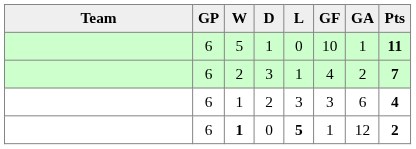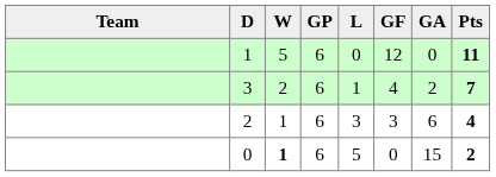 <table style=border-collapse:collapse border=1 cellspacing=0 cellpadding=5>
 <tr align=center bgcolor=#efefef>
 <th width=185>Team</th>
+<th width=20>D</th>
+<th width=20>W</th>
 <th width=20>GP</th>
-<th width=20>W</th>
-<th width=20>D</th>
 <th width=20>L</th>
 <th width=20>GF</th>
 <th width=20>GA</th>
 <th width=20>Pts</th>
 </tr>
 <tr bgcolor=#ccffcc align=center>
 <td style="text-align:left;"></td>
+<td>1</td>
+<td>5</td>
 <td>6</td>
-<td>5</td>
-<td>1</td>
 <td>0</td>
-<td>10</td>
-<td>1</td>
+<td>12</td>
+<td>0</td>
 <td><strong>11</strong></td>
 </tr>
 <tr bgcolor=#ccffcc align=center>
 <td style="text-align:left;"></td>
+<td>3</td>
+<td>2</td>
 <td>6</td>
-<td>2</td>
-<td>3</td>
 <td>1</td>
 <td>4</td>
 <td>2</td>
 <td><strong>7</strong></td>
 </tr>
 <tr align=center>
 <td style="text-align:left;"></td>
+<td>2</td>
+<td>1</td>
 <td>6</td>
-<td>1</td>
-<td>2</td>
 <td>3</td>
 <td>3</td>
 <td>6</td>
 <td><strong>4</strong></td>
 </tr>
 <tr align=center>
 <td style="text-align:left;"></td>
+<td>0</td>
+<td><strong>1</strong></td>
 <td>6</td>
-<td><strong>1</strong></td>
+<td>5</td>
 <td>0</td>
-<td><strong>5</strong></td>
-<td>1</td>
-<td>12</td>
+<td>15</td>
 <td><strong>2</strong></td>
 </tr>
 </table>
